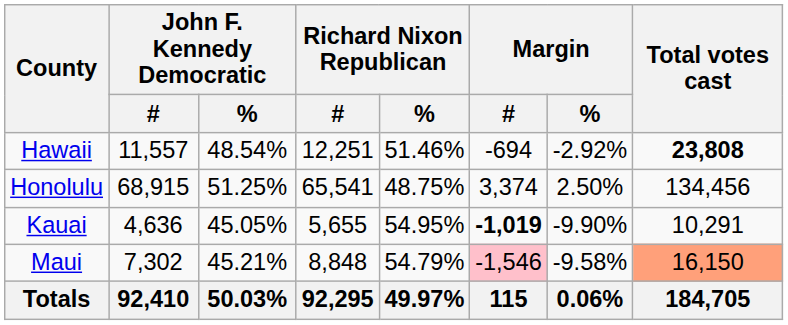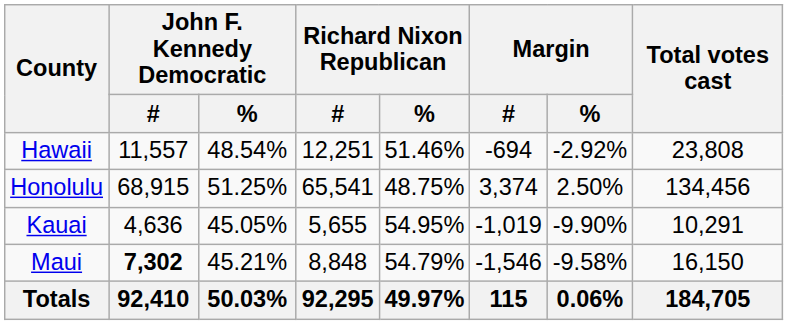 <table width="60%"  class="wikitable sortable" style="text-align:center">
 <tr>
 <th style="text-align:center;" rowspan="2">County</th>
 <th style="text-align:center;" colspan="2">John F. Kennedy<br>Democratic</th>
 <th style="text-align:center;" colspan="2">Richard Nixon<br>Republican</th>
 <th style="text-align:center;" colspan="2">Margin</th>
 <th style="text-align:center;" rowspan="2">Total votes cast</th>
 </tr>
 <tr>
 <th style="text-align:center;" data-sort-type="number">#</th>
 <th style="text-align:center;" data-sort-type="number">%</th>
 <th style="text-align:center;" data-sort-type="number">#</th>
 <th style="text-align:center;" data-sort-type="number">%</th>
 <th style="text-align:center;" data-sort-type="number">#</th>
 <th style="text-align:center;" data-sort-type="number">%</th>
 </tr>
 <tr style="text-align:center;">
 <td><a href='#'>Hawaii</a></td>
 <td>11,557</td>
 <td>48.54%</td>
 <td>12,251</td>
 <td>51.46%</td>
 <td>-694</td>
 <td>-2.92%</td>
-<td><strong>23,808</strong></td>
+<td>23,808</td>
 </tr>
 <tr style="text-align:center;">
 <td><a href='#'>Honolulu</a></td>
 <td>68,915</td>
 <td>51.25%</td>
 <td>65,541</td>
 <td>48.75%</td>
 <td>3,374</td>
 <td>2.50%</td>
 <td>134,456</td>
 </tr>
 <tr style="text-align:center;">
 <td><a href='#'>Kauai</a></td>
 <td>4,636</td>
 <td>45.05%</td>
 <td>5,655</td>
 <td>54.95%</td>
-<td><strong>-1,019</strong></td>
+<td>-1,019</td>
 <td>-9.90%</td>
 <td>10,291</td>
 </tr>
 <tr style="text-align:center;">
 <td><a href='#'>Maui</a></td>
-<td>7,302</td>
+<td><strong>7,302</strong></td>
 <td>45.21%</td>
 <td>8,848</td>
 <td>54.79%</td>
-<td style="background: pink;">-1,546</td>
+<td>-1,546</td>
 <td>-9.58%</td>
-<td style="background: lightsalmon;">16,150</td>
+<td>16,150</td>
 </tr>
 <tr>
 <th>Totals</th>
 <th>92,410</th>
 <th>50.03%</th>
 <th>92,295</th>
 <th>49.97%</th>
 <th>115</th>
 <th>0.06%</th>
 <th>184,705</th>
 </tr>
 </table>
